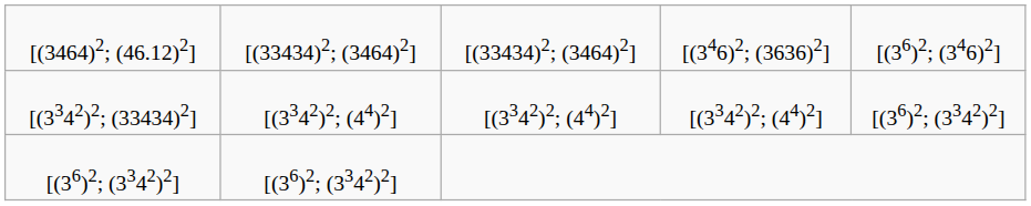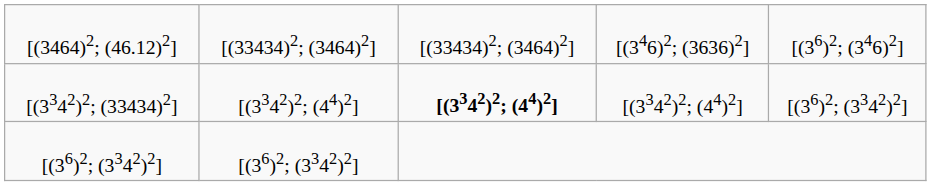 <table class=wikitable width=750>
 <tr align=center valign=top>
 <td><br>[(3464)<sup>2</sup>; (46.12)<sup>2</sup>]</td>
 <td><br>[(33434)<sup>2</sup>; (3464)<sup>2</sup>]</td>
 <td><br>[(33434)<sup>2</sup>; (3464)<sup>2</sup>]</td>
 <td><br>[(3<sup>4</sup>6)<sup>2</sup>; (3636)<sup>2</sup>]</td>
 <td><br>[(3<sup>6</sup>)<sup>2</sup>; (3<sup>4</sup>6)<sup>2</sup>]</td>
 </tr>
 <tr align=center valign=top>
 <td><br>[(3<sup>3</sup>4<sup>2</sup>)<sup>2</sup>; (33434)<sup>2</sup>]</td>
 <td><br>[(3<sup>3</sup>4<sup>2</sup>)<sup>2</sup>; (4<sup>4</sup>)<sup>2</sup>]</td>
-<td><br>[(3<sup>3</sup>4<sup>2</sup>)<sup>2</sup>; (4<sup>4</sup>)<sup>2</sup>]</td>
+<td><strong><br>[(3<sup>3</sup>4<sup>2</sup>)<sup>2</sup>; (4<sup>4</sup>)<sup>2</sup>]</strong></td>
 <td><br>[(3<sup>3</sup>4<sup>2</sup>)<sup>2</sup>; (4<sup>4</sup>)<sup>2</sup>]</td>
 <td><br>[(3<sup>6</sup>)<sup>2</sup>; (3<sup>3</sup>4<sup>2</sup>)<sup>2</sup>]</td>
 </tr>
 <tr align=center valign=top>
 <td><br>[(3<sup>6</sup>)<sup>2</sup>; (3<sup>3</sup>4<sup>2</sup>)<sup>2</sup>]</td>
 <td><br>[(3<sup>6</sup>)<sup>2</sup>; (3<sup>3</sup>4<sup>2</sup>)<sup>2</sup>]</td>
 </tr>
 </table>
